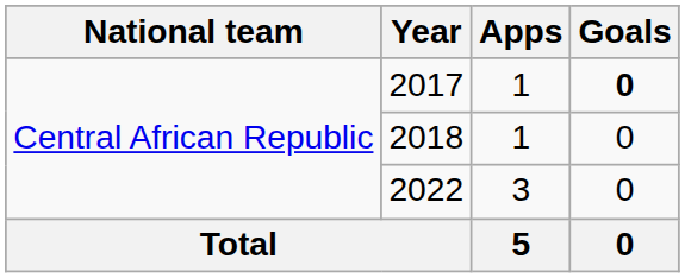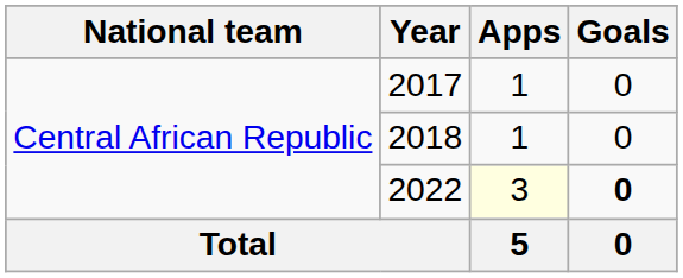 <table class="wikitable" style="text-align:center">
 <tr>
 <th>National team</th>
 <th>Year</th>
 <th>Apps</th>
 <th>Goals</th>
 </tr>
 <tr>
 <td rowspan="3"><a href='#'>Central African Republic</a></td>
 <td>2017</td>
 <td>1</td>
-<td><strong>0</strong></td>
+<td>0</td>
 </tr>
 <tr>
 <td>2018</td>
 <td>1</td>
 <td>0</td>
 </tr>
 <tr>
 <td>2022</td>
-<td>3</td>
-<td>0</td>
+<td style="background: lightyellow;">3</td>
+<td><strong>0</strong></td>
 </tr>
 <tr>
 <th colspan="2">Total</th>
 <th>5</th>
 <th>0</th>
 </tr>
 </table>
